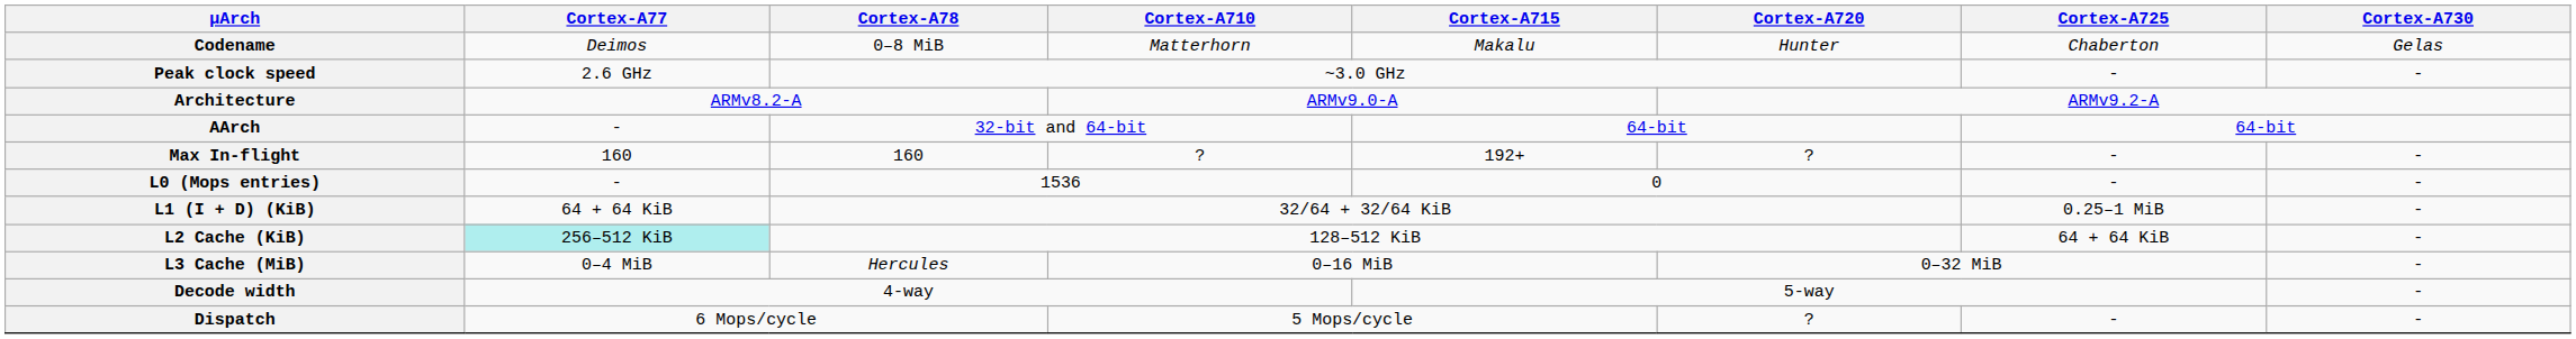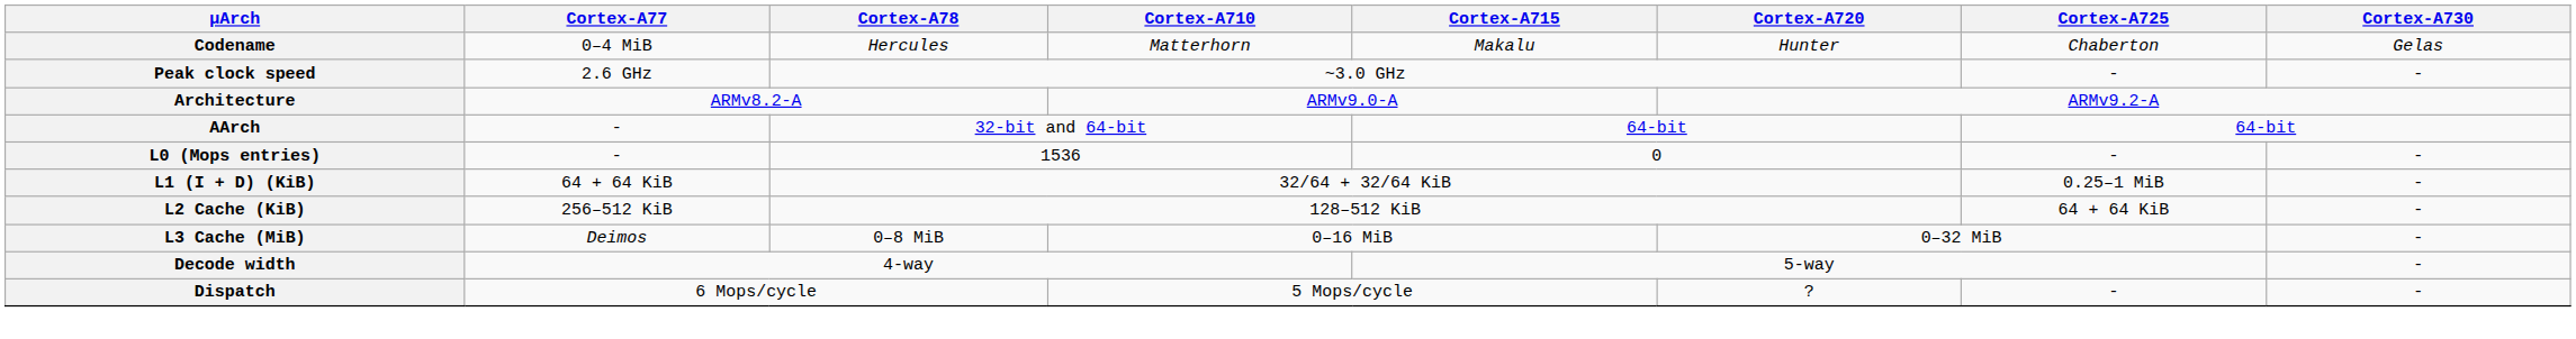 <table class="wikitable sortable" cellpadding="3px" style="border: 1px solid black; border-spacing: 0px; width: 100%; text-align:center;">
 <tr>
 <th><a href='#'>μArch</a></th>
 <th><a href='#'>Cortex-A77</a></th>
 <th><a href='#'>Cortex-A78</a></th>
 <th><a href='#'>Cortex-A710</a></th>
 <th><a href='#'>Cortex-A715</a></th>
 <th><a href='#'>Cortex-A720</a></th>
 <th><a href='#'>Cortex-A725</a></th>
 <th><a href='#'>Cortex-A730</a></th>
 </tr>
 <tr>
 <th>Codename</th>
-<td><em>Deimos</em></td>
-<td>0–8 MiB</td>
+<td>0–4 MiB</td>
+<td><em>Hercules</em></td>
 <td><em>Matterhorn</em></td>
 <td><em>Makalu</em></td>
 <td><em>Hunter</em></td>
 <td><em>Chaberton</em></td>
 <td><em>Gelas</em></td>
 </tr>
 <tr>
 <th>Peak clock speed</th>
 <td>2.6 GHz</td>
 <td colspan="4">~3.0 GHz</td>
 <td>-</td>
 <td>-</td>
 </tr>
 <tr>
 <th>Architecture</th>
 <td colspan="2"><a href='#'>ARMv8.2-A</a></td>
 <td colspan="2"><a href='#'>ARMv9.0-A</a></td>
 <td colspan="3"><a href='#'>ARMv9.2-A</a></td>
 </tr>
 <tr>
 <th>AArch</th>
 <td>-</td>
 <td colspan="2"><a href='#'>32-bit</a> and <a href='#'>64-bit</a></td>
 <td colspan="2"><a href='#'>64-bit</a></td>
 <td colspan="2"><a href='#'>64-bit</a></td>
 </tr>
 <tr>
-<th>Max In-flight</th>
-<td>160</td>
-<td>160</td>
-<td>?</td>
-<td>192+ </td>
-<td>?</td>
-<td>-</td>
-<td>-</td>
-</tr>
-<tr>
 <th>L0 (Mops entries)</th>
 <td>-</td>
 <td colspan="2">1536 </td>
 <td colspan="2">0 </td>
 <td>-</td>
 <td>-</td>
 </tr>
 <tr>
 <th><strong>L1 (I + D)</strong> (KiB)</th>
 <td>64 + 64 KiB</td>
 <td colspan="4">32/64 + 32/64 KiB</td>
 <td>0.25–1 MiB </td>
 <td>-</td>
 </tr>
 <tr>
 <th>L2 Cache (KiB)</th>
-<td style="background: paleturquoise;">256–512 KiB</td>
+<td>256–512 KiB</td>
 <td colspan="4">128–512 KiB</td>
 <td>64 + 64 KiB</td>
 <td>-</td>
 </tr>
 <tr>
 <th>L3 Cache (MiB)</th>
-<td>0–4 MiB</td>
-<td><em>Hercules</em></td>
+<td><em>Deimos</em></td>
+<td>0–8 MiB</td>
 <td colspan="2">0–16 MiB</td>
 <td colspan="2">0–32 MiB </td>
 <td>-</td>
 </tr>
 <tr>
 <th>Decode width</th>
 <td colspan="3">4-way</td>
 <td colspan="3">5-way</td>
 <td>-</td>
 </tr>
 <tr>
 <th>Dispatch</th>
 <td colspan="2">6 Mops/cycle</td>
 <td colspan="2">5 Mops/cycle </td>
 <td>?</td>
 <td>-</td>
 <td>-</td>
 </tr>
 <tr>
 </tr>
 </table>
